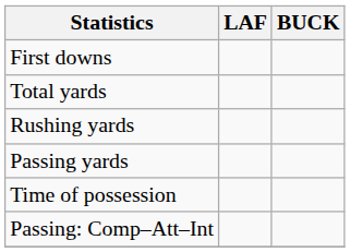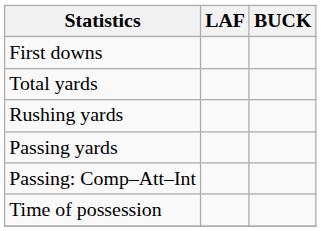 <table class="wikitable" style="float: left;">
 <tr>
 <th>Statistics</th>
 <th>LAF</th>
 <th>BUCK</th>
 </tr>
 <tr>
 <td>First downs</td>
 <td></td>
 <td></td>
 </tr>
 <tr>
 <td>Total yards</td>
 <td></td>
 <td></td>
 </tr>
 <tr>
 <td>Rushing yards</td>
 <td></td>
 <td></td>
 </tr>
 <tr>
 <td>Passing yards</td>
 <td></td>
 <td></td>
 </tr>
 <tr>
-<td>Time of possession</td>
+<td>Passing: Comp–Att–Int</td>
 <td></td>
 <td></td>
 </tr>
 <tr>
-<td>Passing: Comp–Att–Int</td>
+<td>Time of possession</td>
 <td></td>
 <td></td>
 </tr>
 <tr>
 </tr>
 </table>
